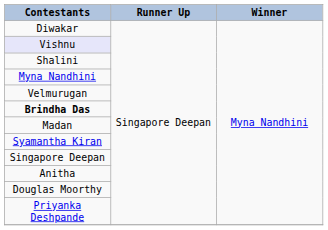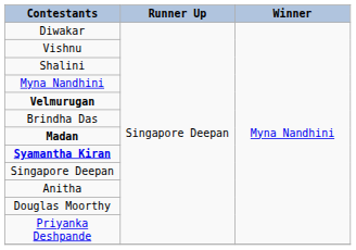 <table class="wikitable" style="text-align:center;">
 <tr>
 <th style="width:100pt; background:LightSteelBlue;">Contestants</th>
 <th style="width:100pt; background:LightSteelBlue;">Runner Up</th>
 <th style="width:100pt; background:LightSteelBlue;">Winner</th>
 </tr>
 <tr>
 <td>Diwakar</td>
 <td rowspan="12">Singapore Deepan</td>
 <td rowspan="12"><a href='#'>Myna Nandhini</a></td>
 </tr>
 <tr>
-<td style="background: lavender;">Vishnu</td>
+<td>Vishnu</td>
 </tr>
 <tr>
 <td>Shalini</td>
 </tr>
 <tr>
 <td><a href='#'>Myna Nandhini</a></td>
 </tr>
 <tr>
-<td>Velmurugan</td>
+<td><strong>Velmurugan</strong></td>
 </tr>
 <tr>
-<td><strong>Brindha Das</strong></td>
+<td>Brindha Das</td>
 </tr>
 <tr>
-<td>Madan</td>
+<td><strong>Madan</strong></td>
 </tr>
 <tr>
-<td><a href='#'>Syamantha Kiran</a></td>
+<td><strong><a href='#'>Syamantha Kiran</a></strong></td>
 </tr>
 <tr>
 <td>Singapore Deepan</td>
 </tr>
 <tr>
 <td>Anitha</td>
 </tr>
 <tr>
 <td>Douglas Moorthy</td>
 </tr>
 <tr>
 <td><a href='#'>Priyanka Deshpande</a></td>
 </tr>
 <tr>
 </tr>
 </table>
